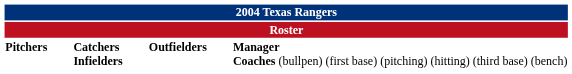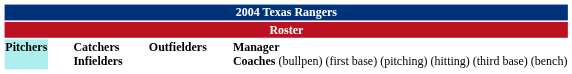 <table class="toccolours" style="font-size: 95%;">
 <tr>
 <th colspan="10" style="background:#003279; color:#fff; text-align:center;">2004 Texas Rangers</th>
 </tr>
 <tr>
 <td colspan="10" style="background:#bd1021; color:white; text-align:center;"><strong>Roster</strong></td>
 </tr>
 <tr>
-<td valign="top"><strong>Pitchers</strong><br>                             </td>
+<td valign="top" style="background: paleturquoise;"><strong>Pitchers</strong><br>                             </td>
 <td style="width:25px;"></td>
 <td valign="top"><strong>Catchers</strong><br>    <strong>Infielders</strong>         </td>
 <td style="width:25px;"></td>
 <td valign="top"><strong>Outfielders</strong><br>        </td>
 <td style="width:25px;"></td>
 <td valign="top"><strong>Manager</strong><br> <strong>Coaches</strong>  (bullpen)  (first base)  (pitching)  (hitting)  (third base)  (bench)</td>
 </tr>
 </table>
